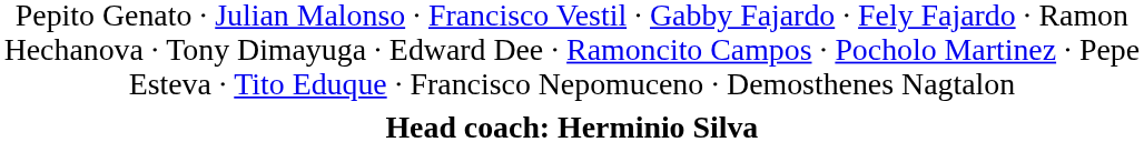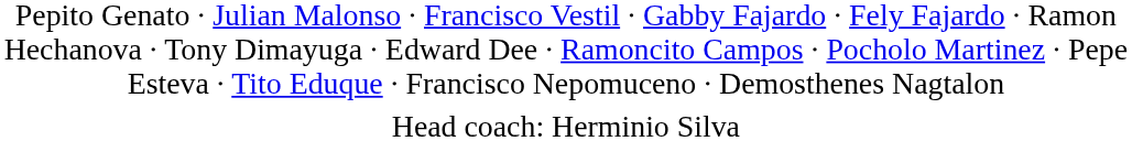 <table class="toccolours" style="margin:0.2em auto">
 <tr align=center>
 <td>Pepito Genato ∙ <a href='#'>Julian Malonso</a> ∙ <a href='#'>Francisco Vestil</a> ∙ <a href='#'>Gabby Fajardo</a> ∙ <a href='#'>Fely Fajardo</a> ∙ Ramon Hechanova ∙ Tony Dimayuga ∙ Edward Dee ∙ <a href='#'>Ramoncito Campos</a> ∙ <a href='#'>Pocholo Martinez</a> ∙ Pepe Esteva ∙ <a href='#'>Tito Eduque</a> ∙ Francisco Nepomuceno ∙ Demosthenes Nagtalon</td>
 </tr>
 <tr align=center>
-<td><strong>Head coach: Herminio Silva</strong></td>
+<td>Head coach: Herminio Silva</td>
 </tr>
 </table>
